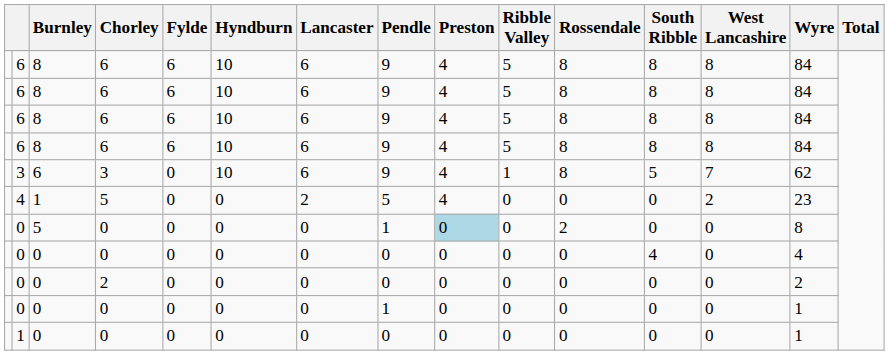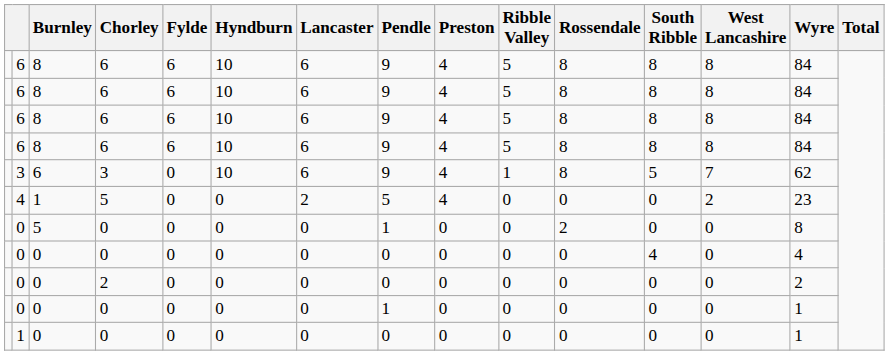 <table class="wikitable" style="right; width:45%">
 <tr>
 <th colspan="2"></th>
 <th colspan="1">Burnley</th>
 <th>Chorley</th>
 <th>Fylde</th>
 <th>Hyndburn</th>
 <th>Lancaster</th>
 <th>Pendle</th>
 <th>Preston</th>
 <th>Ribble Valley</th>
 <th>Rossendale</th>
 <th>South Ribble</th>
 <th>West Lancashire</th>
 <th>Wyre</th>
 <th>Total</th>
 </tr>
 <tr>
 <td></td>
 <td>6</td>
 <td>8</td>
 <td>6</td>
 <td>6</td>
 <td>10</td>
 <td>6</td>
 <td>9</td>
 <td>4</td>
 <td>5</td>
 <td>8</td>
 <td>8</td>
 <td>8</td>
 <td>84</td>
 </tr>
 <tr>
 <td></td>
 <td>6</td>
 <td>8</td>
 <td>6</td>
 <td>6</td>
 <td>10</td>
 <td>6</td>
 <td>9</td>
 <td>4</td>
 <td>5</td>
 <td>8</td>
 <td>8</td>
 <td>8</td>
 <td>84</td>
 </tr>
 <tr>
 <td></td>
 <td>6</td>
 <td>8</td>
 <td>6</td>
 <td>6</td>
 <td>10</td>
 <td>6</td>
 <td>9</td>
 <td>4</td>
 <td>5</td>
 <td>8</td>
 <td>8</td>
 <td>8</td>
 <td>84</td>
 </tr>
 <tr>
 <td></td>
 <td>6</td>
 <td>8</td>
 <td>6</td>
 <td>6</td>
 <td>10</td>
 <td>6</td>
 <td>9</td>
 <td>4</td>
 <td>5</td>
 <td>8</td>
 <td>8</td>
 <td>8</td>
 <td>84</td>
 </tr>
 <tr>
 <td></td>
 <td>3</td>
 <td>6</td>
 <td>3</td>
 <td>0</td>
 <td>10</td>
 <td>6</td>
 <td>9</td>
 <td>4</td>
 <td>1</td>
 <td>8</td>
 <td>5</td>
 <td>7</td>
 <td>62</td>
 </tr>
 <tr>
 <td></td>
 <td>4</td>
 <td>1</td>
 <td>5</td>
 <td>0</td>
 <td>0</td>
 <td>2</td>
 <td>5</td>
 <td>4</td>
 <td>0</td>
 <td>0</td>
 <td>0</td>
 <td>2</td>
 <td>23</td>
 </tr>
 <tr>
 <td></td>
 <td>0</td>
 <td>5</td>
 <td>0</td>
 <td>0</td>
 <td>0</td>
 <td>0</td>
 <td>1</td>
-<td style="background: lightblue;">0</td>
+<td>0</td>
 <td>0</td>
 <td>2</td>
 <td>0</td>
 <td>0</td>
 <td 8>8</td>
 </tr>
 <tr>
 <td></td>
 <td>0</td>
 <td>0</td>
 <td>0</td>
 <td>0</td>
 <td>0</td>
 <td>0</td>
 <td>0</td>
 <td>0</td>
 <td>0</td>
 <td>0</td>
 <td>4</td>
 <td>0</td>
 <td>4</td>
 </tr>
 <tr>
 <td></td>
 <td>0</td>
 <td>0</td>
 <td>2</td>
 <td>0</td>
 <td>0</td>
 <td>0</td>
 <td>0</td>
 <td>0</td>
 <td>0</td>
 <td>0</td>
 <td>0</td>
 <td>0</td>
 <td 0>2</td>
 </tr>
 <tr>
 <td></td>
 <td>0</td>
 <td>0</td>
 <td>0</td>
 <td>0</td>
 <td>0</td>
 <td>0</td>
 <td>1</td>
 <td>0</td>
 <td>0</td>
 <td>0</td>
 <td>0</td>
 <td>0</td>
 <td 0>1</td>
 </tr>
 <tr>
 <td></td>
 <td>1</td>
 <td>0</td>
 <td>0</td>
 <td>0</td>
 <td>0</td>
 <td>0</td>
 <td>0</td>
 <td>0</td>
 <td>0</td>
 <td>0</td>
 <td>0</td>
 <td>0</td>
 <td 0>1</td>
 </tr>
 </table>
